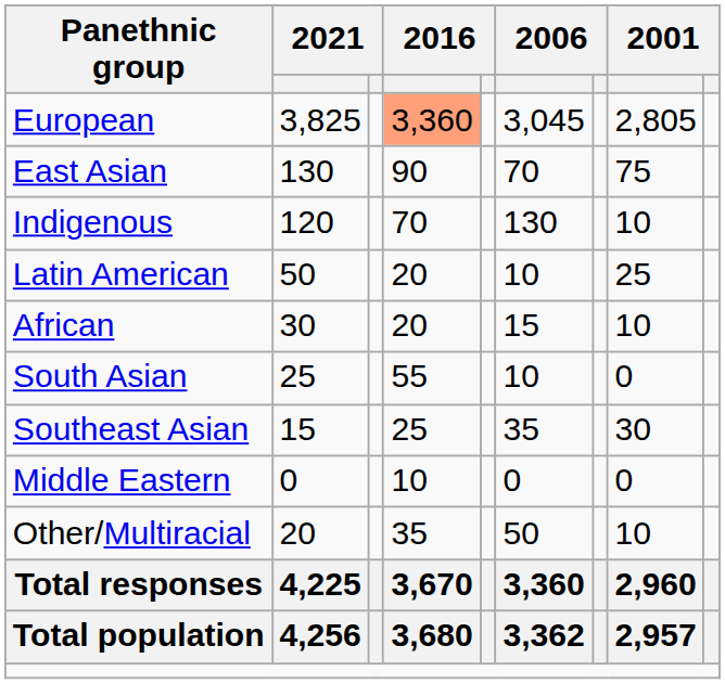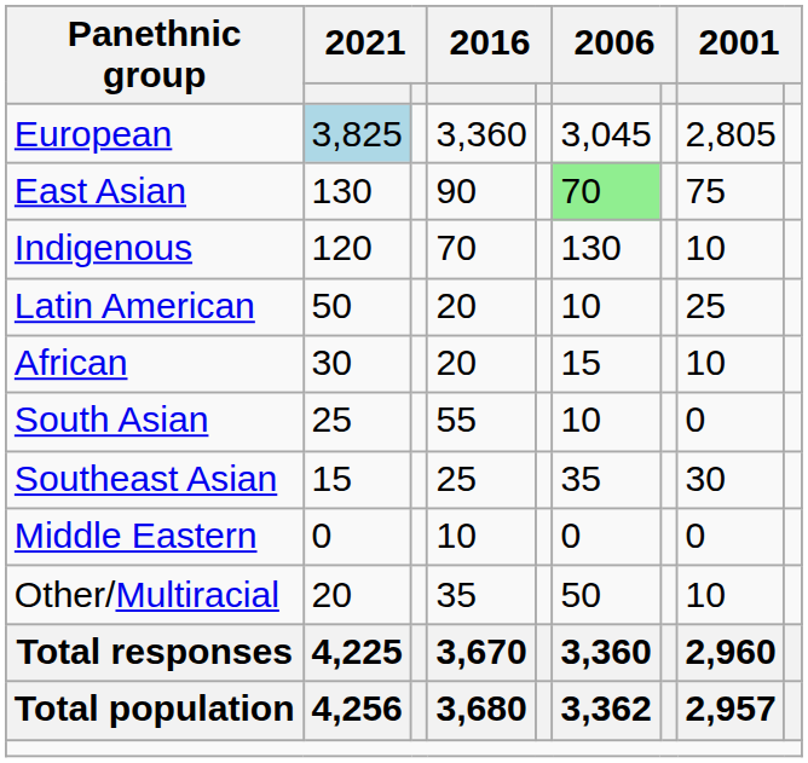 <table class="wikitable collapsible sortable">
 <tr>
 <th rowspan="2">Panethnic<br>group</th>
 <th colspan="2">2021</th>
 <th colspan="2">2016</th>
 <th colspan="2">2006</th>
 <th colspan="2">2001</th>
 </tr>
 <tr>
 <th><a href='#'></a></th>
 <th></th>
 <th></th>
 <th></th>
 <th></th>
 <th></th>
 <th></th>
 <th></th>
 </tr>
 <tr>
 <td><a href='#'>European</a></td>
-<td>3,825</td>
+<td style="background: lightblue;">3,825</td>
 <td></td>
-<td style="background: lightsalmon;">3,360</td>
+<td>3,360</td>
 <td></td>
 <td>3,045</td>
 <td></td>
 <td>2,805</td>
 <td></td>
 </tr>
 <tr>
 <td><a href='#'>East Asian</a></td>
 <td>130</td>
 <td></td>
 <td>90</td>
 <td></td>
-<td>70</td>
+<td style="background: lightgreen;">70</td>
 <td></td>
 <td>75</td>
 <td></td>
 </tr>
 <tr>
 <td><a href='#'>Indigenous</a></td>
 <td>120</td>
 <td></td>
 <td>70</td>
 <td></td>
 <td>130</td>
 <td></td>
 <td>10</td>
 <td></td>
 </tr>
 <tr>
 <td><a href='#'>Latin American</a></td>
 <td>50</td>
 <td></td>
 <td>20</td>
 <td></td>
 <td>10</td>
 <td></td>
 <td>25</td>
 <td></td>
 </tr>
 <tr>
 <td><a href='#'>African</a></td>
 <td>30</td>
 <td></td>
 <td>20</td>
 <td></td>
 <td>15</td>
 <td></td>
 <td>10</td>
 <td></td>
 </tr>
 <tr>
 <td><a href='#'>South Asian</a></td>
 <td>25</td>
 <td></td>
 <td>55</td>
 <td></td>
 <td>10</td>
 <td></td>
 <td>0</td>
 <td></td>
 </tr>
 <tr>
 <td><a href='#'>Southeast Asian</a></td>
 <td>15</td>
 <td></td>
 <td>25</td>
 <td></td>
 <td>35</td>
 <td></td>
 <td>30</td>
 <td></td>
 </tr>
 <tr>
 <td><a href='#'>Middle Eastern</a></td>
 <td>0</td>
 <td></td>
 <td>10</td>
 <td></td>
 <td>0</td>
 <td></td>
 <td>0</td>
 <td></td>
 </tr>
 <tr>
 <td>Other/<a href='#'>Multiracial</a></td>
 <td>20</td>
 <td></td>
 <td>35</td>
 <td></td>
 <td>50</td>
 <td></td>
 <td>10</td>
 <td></td>
 </tr>
 <tr>
 <th>Total responses</th>
 <th>4,225</th>
 <th></th>
 <th>3,670</th>
 <th></th>
 <th>3,360</th>
 <th></th>
 <th>2,960</th>
 <th></th>
 </tr>
 <tr>
 <th>Total population</th>
 <th>4,256</th>
 <th></th>
 <th>3,680</th>
 <th></th>
 <th>3,362</th>
 <th></th>
 <th>2,957</th>
 <th></th>
 </tr>
 <tr class="sortbottom">
 <td colspan="9"></td>
 </tr>
 </table>
